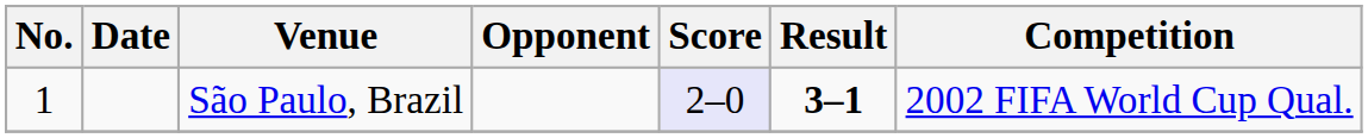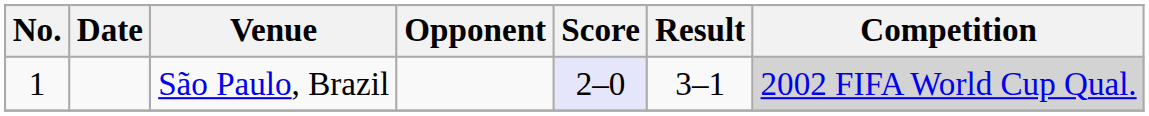 <table class="wikitable sortable">
 <tr>
 <th scope="col">No.</th>
 <th scope="col">Date</th>
 <th scope="col">Venue</th>
 <th scope="col">Opponent</th>
 <th scope="col">Score</th>
 <th scope="col">Result</th>
 <th scope="col">Competition</th>
 </tr>
 <tr>
 <td align="center">1</td>
 <td></td>
 <td><a href='#'>São Paulo</a>, Brazil</td>
 <td></td>
 <td align="center" style="background: lavender;">2–0</td>
-<td align="center"><strong>3–1</strong></td>
-<td><a href='#'>2002 FIFA World Cup Qual.</a></td>
+<td align="center">3–1</td>
+<td style="background: lightgrey;"><a href='#'>2002 FIFA World Cup Qual.</a></td>
 </tr>
 <tr>
 </tr>
 </table>
